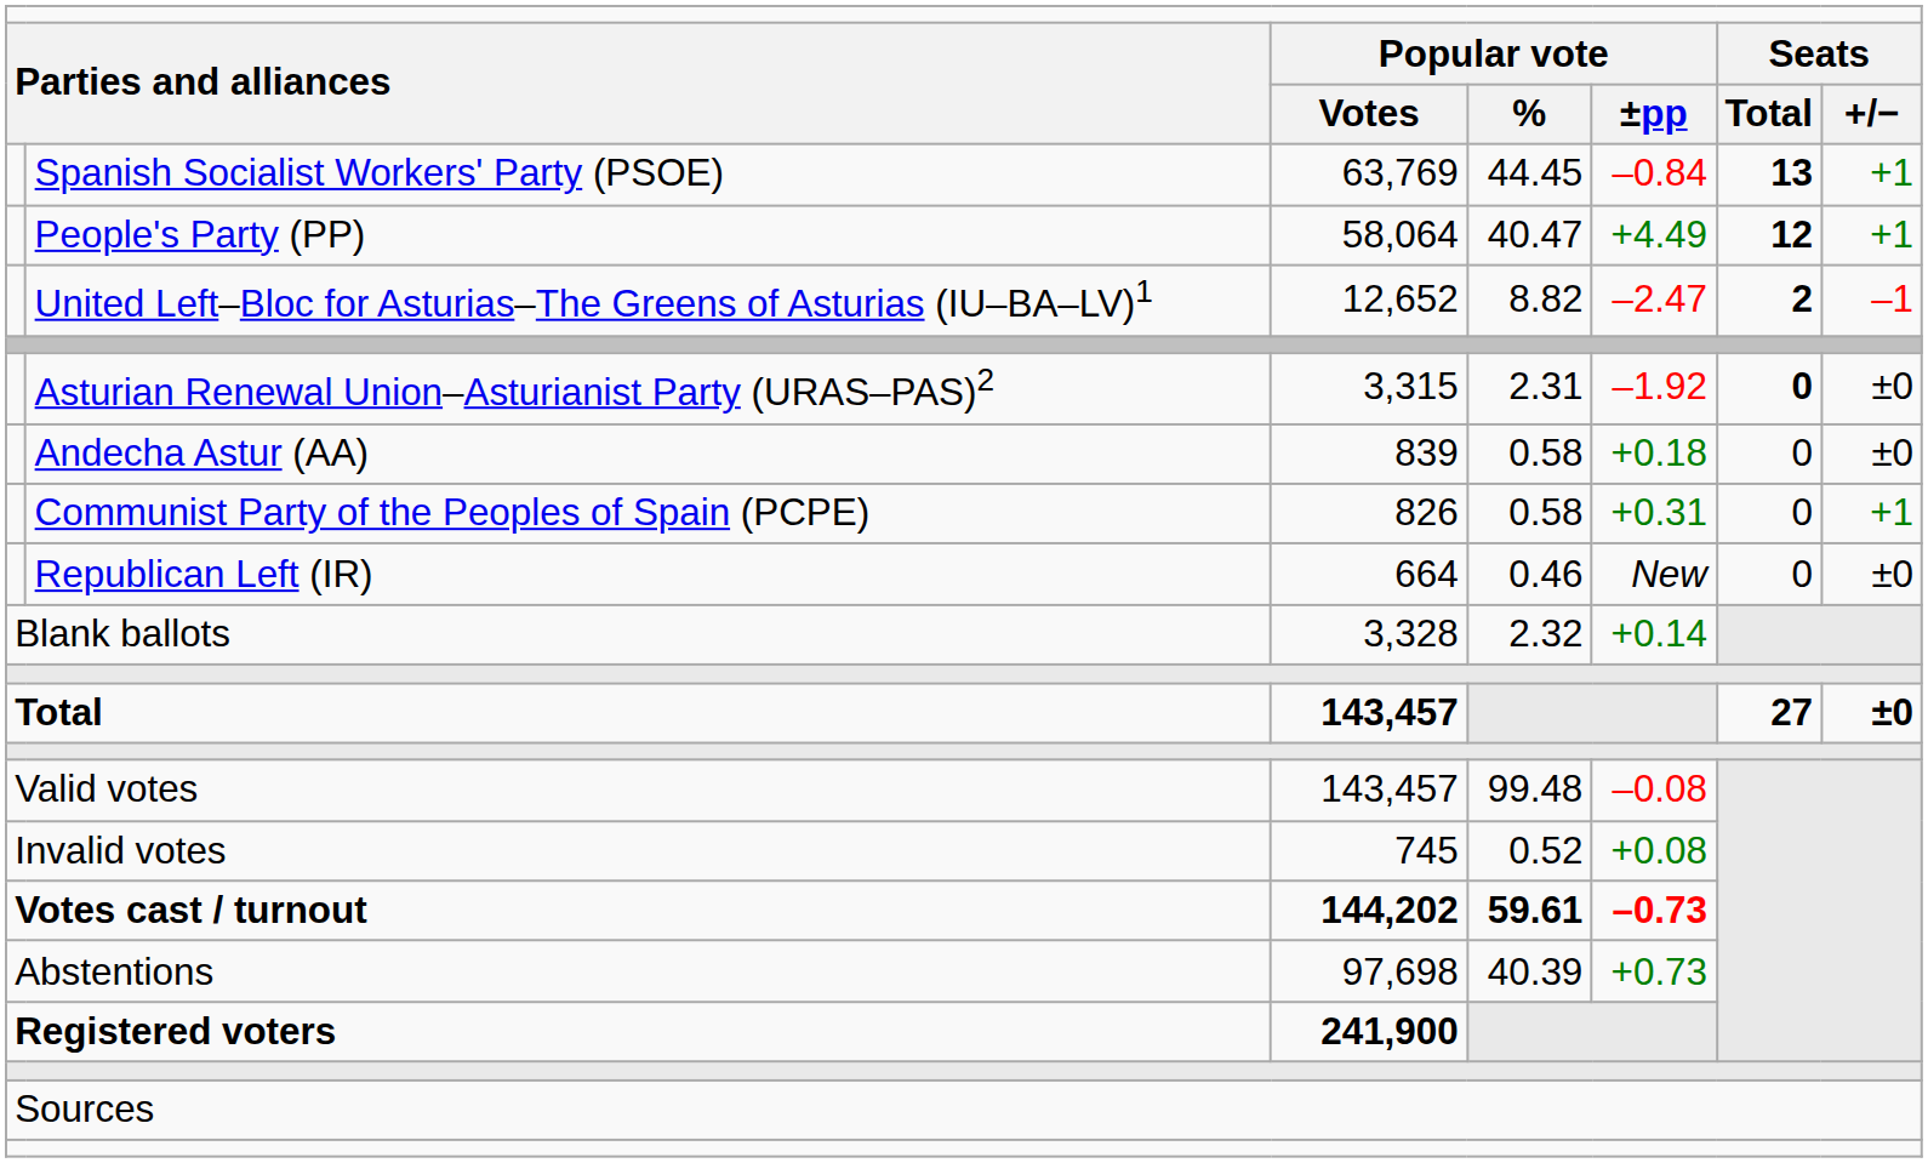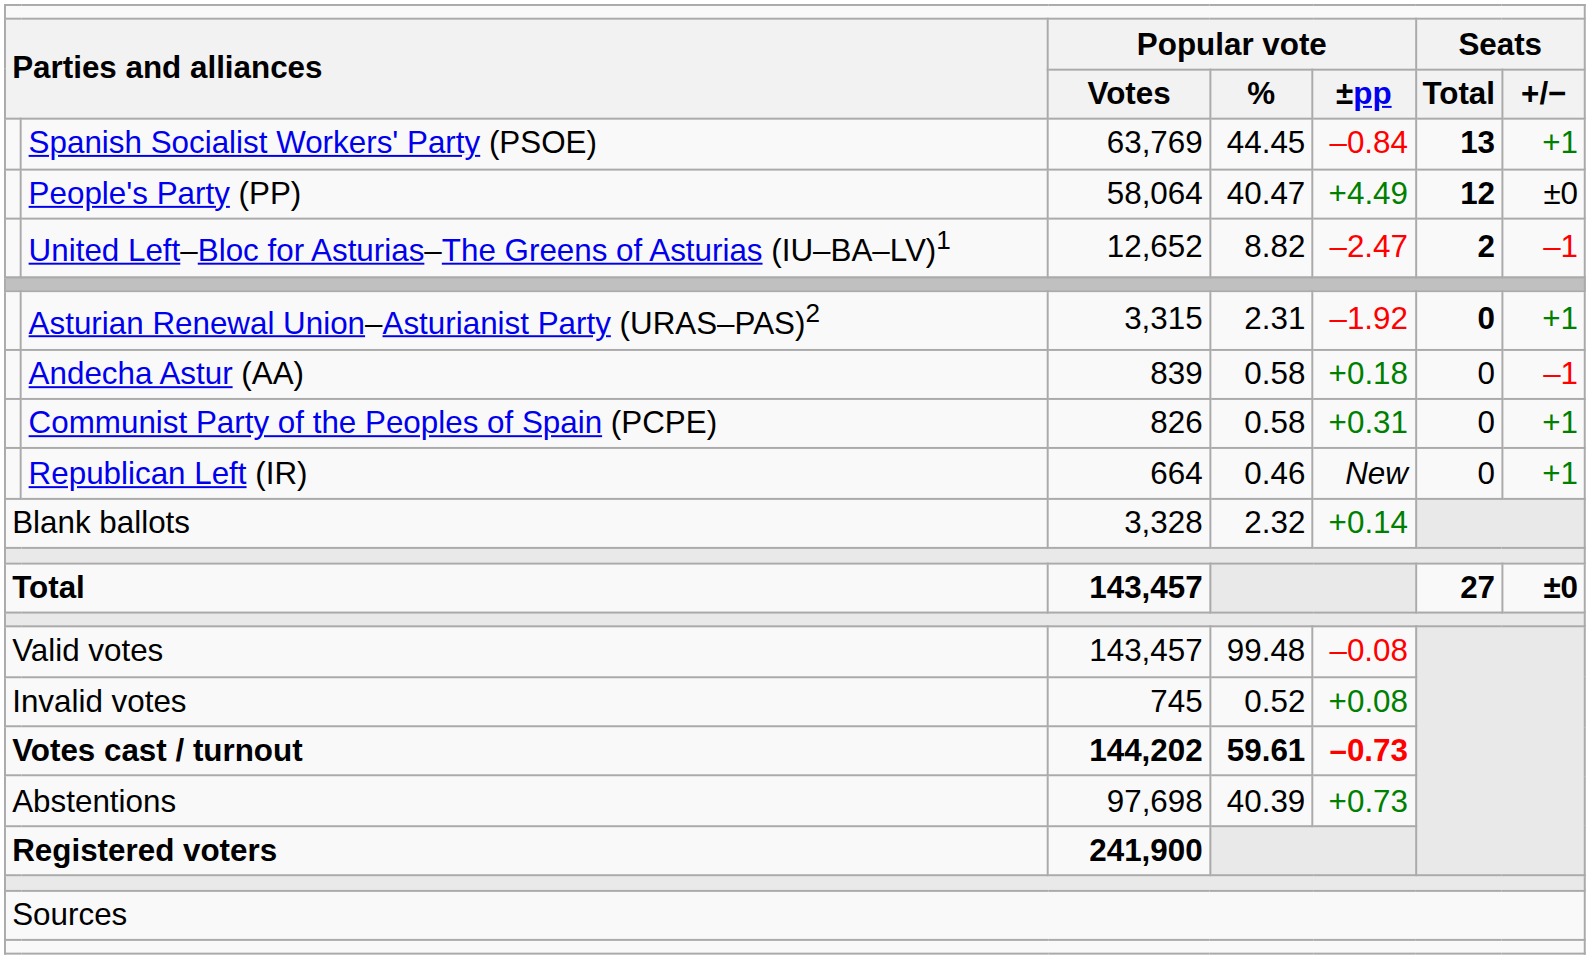 <table class="wikitable" style="text-align:right;">
 <tr>
 <td colspan="7"></td>
 </tr>
 <tr>
 <th style="text-align:left;" rowspan="2" colspan="2" width="525">Parties and alliances</th>
 <th colspan="3">Popular vote</th>
 <th colspan="2">Seats</th>
 </tr>
 <tr>
 <th width="75">Votes</th>
 <th width="45">%</th>
 <th width="45">±<a href='#'>pp</a></th>
 <th width="35">Total</th>
 <th width="35">+/−</th>
 </tr>
 <tr>
 <td width="1" style="color:inherit;background:"></td>
 <td align="left"><a href='#'>Spanish Socialist Workers' Party</a> (PSOE)</td>
 <td>63,769</td>
 <td>44.45</td>
 <td style="color:red;">–0.84</td>
 <td><strong>13</strong></td>
 <td style="color:green;">+1</td>
 </tr>
 <tr>
 <td style="color:inherit;background:"></td>
 <td align="left"><a href='#'>People's Party</a> (PP)</td>
 <td>58,064</td>
 <td>40.47</td>
 <td style="color:green;">+4.49</td>
 <td><strong>12</strong></td>
-<td style="color:green;">+1</td>
+<td>±0</td>
 </tr>
 <tr>
 <td style="color:inherit;background:"></td>
 <td align="left"><a href='#'>United Left</a>–<a href='#'>Bloc for Asturias</a>–<a href='#'>The Greens of Asturias</a> (IU–BA–LV)<sup>1</sup></td>
 <td>12,652</td>
 <td>8.82</td>
 <td style="color:red;">–2.47</td>
 <td><strong>2</strong></td>
 <td style="color:red;">–1</td>
 </tr>
 <tr>
 <td colspan="7" bgcolor="#C0C0C0"></td>
 </tr>
 <tr>
 <td style="color:inherit;background:"></td>
 <td align="left"><a href='#'>Asturian Renewal Union</a>–<a href='#'>Asturianist Party</a> (URAS–PAS)<sup>2</sup></td>
 <td>3,315</td>
 <td>2.31</td>
 <td style="color:red;">–1.92</td>
 <td><strong>0</strong></td>
-<td>±0</td>
+<td style="color:green;">+1</td>
 </tr>
 <tr>
 <td style="color:inherit;background:"></td>
 <td align="left"><a href='#'>Andecha Astur</a> (AA)</td>
 <td>839</td>
 <td>0.58</td>
 <td style="color:green;">+0.18</td>
 <td>0</td>
-<td>±0</td>
+<td style="color:red;">–1</td>
 </tr>
 <tr>
 <td style="color:inherit;background:"></td>
 <td align="left"><a href='#'>Communist Party of the Peoples of Spain</a> (PCPE)</td>
 <td>826</td>
 <td>0.58</td>
 <td style="color:green;">+0.31</td>
 <td>0</td>
 <td style="color:green;">+1</td>
 </tr>
 <tr>
 <td style="color:inherit;background:"></td>
 <td align="left"><a href='#'>Republican Left</a> (IR)</td>
 <td>664</td>
 <td>0.46</td>
 <td><em>New</em></td>
 <td>0</td>
-<td>±0</td>
+<td style="color:green;">+1</td>
 </tr>
 <tr>
 <td align="left" colspan="2">Blank ballots</td>
 <td>3,328</td>
 <td>2.32</td>
 <td style="color:green;">+0.14</td>
 <td bgcolor="#E9E9E9" colspan="2"></td>
 </tr>
 <tr>
 <td colspan="7" bgcolor="#E9E9E9"></td>
 </tr>
 <tr style="font-weight:bold;">
 <td align="left" colspan="2">Total</td>
 <td>143,457</td>
 <td bgcolor="#E9E9E9" colspan="2"></td>
 <td>27</td>
 <td>±0</td>
 </tr>
 <tr>
 <td colspan="7" bgcolor="#E9E9E9"></td>
 </tr>
 <tr>
 <td align="left" colspan="2">Valid votes</td>
 <td>143,457</td>
 <td>99.48</td>
 <td style="color:red;">–0.08</td>
 <td bgcolor="#E9E9E9" colspan="2" rowspan="5"></td>
 </tr>
 <tr>
 <td align="left" colspan="2">Invalid votes</td>
 <td>745</td>
 <td>0.52</td>
 <td style="color:green;">+0.08</td>
 </tr>
 <tr style="font-weight:bold;">
 <td align="left" colspan="2">Votes cast / turnout</td>
 <td>144,202</td>
 <td>59.61</td>
 <td style="color:red;">–0.73</td>
 </tr>
 <tr>
 <td align="left" colspan="2">Abstentions</td>
 <td>97,698</td>
 <td>40.39</td>
 <td style="color:green;">+0.73</td>
 </tr>
 <tr style="font-weight:bold;">
 <td align="left" colspan="2">Registered voters</td>
 <td>241,900</td>
 <td bgcolor="#E9E9E9" colspan="2"></td>
 </tr>
 <tr>
 <td colspan="7" bgcolor="#E9E9E9"></td>
 </tr>
 <tr>
 <td align="left" colspan="7">Sources</td>
 </tr>
 <tr>
 <td colspan="7" style="text-align:left; max-width:790px;"></td>
 </tr>
 </table>
